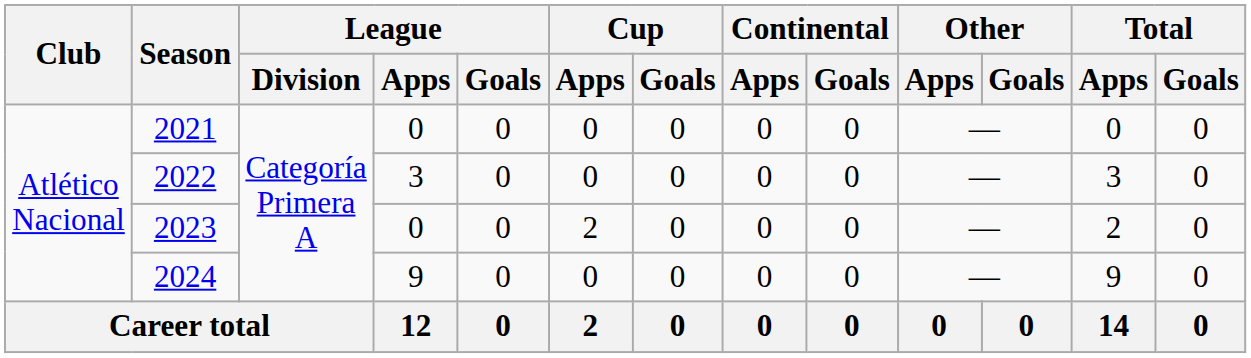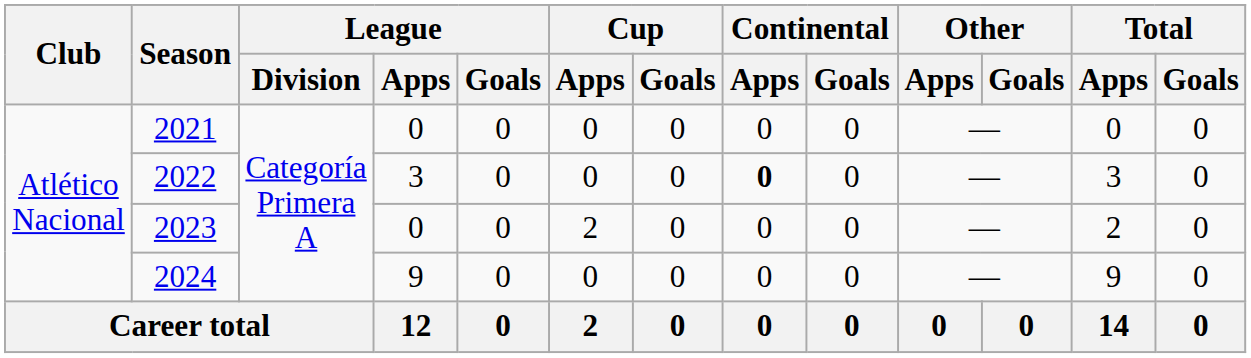 <table class="wikitable" style="text-align: center">
 <tr>
 <th rowspan="2">Club</th>
 <th rowspan="2">Season</th>
 <th colspan="3">League</th>
 <th colspan="2">Cup</th>
 <th colspan="2">Continental</th>
 <th colspan="2">Other</th>
 <th colspan="2">Total</th>
 </tr>
 <tr>
 <th>Division</th>
 <th>Apps</th>
 <th>Goals</th>
 <th>Apps</th>
 <th>Goals</th>
 <th>Apps</th>
 <th>Goals</th>
 <th>Apps</th>
 <th>Goals</th>
 <th>Apps</th>
 <th>Goals</th>
 </tr>
 <tr>
 <td rowspan="4"><a href='#'>Atlético Nacional</a></td>
 <td><a href='#'>2021</a></td>
 <td rowspan="4"><a href='#'>Categoría Primera A</a></td>
 <td>0</td>
 <td>0</td>
 <td>0</td>
 <td>0</td>
 <td>0</td>
 <td>0</td>
 <td colspan="2">—</td>
 <td>0</td>
 <td>0</td>
 </tr>
 <tr>
 <td><a href='#'>2022</a></td>
 <td>3</td>
 <td>0</td>
 <td>0</td>
 <td>0</td>
-<td>0</td>
+<td><strong>0</strong></td>
 <td>0</td>
 <td colspan="2">—</td>
 <td>3</td>
 <td>0</td>
 </tr>
 <tr>
 <td><a href='#'>2023</a></td>
 <td>0</td>
 <td>0</td>
 <td>2</td>
 <td>0</td>
 <td>0</td>
 <td>0</td>
 <td colspan="2">—</td>
 <td>2</td>
 <td>0</td>
 </tr>
 <tr>
 <td><a href='#'>2024</a></td>
 <td>9</td>
 <td>0</td>
 <td>0</td>
 <td>0</td>
 <td>0</td>
 <td>0</td>
 <td colspan="2">—</td>
 <td>9</td>
 <td>0</td>
 </tr>
 <tr>
 <th colspan="3"><strong>Career total</strong></th>
 <th>12</th>
 <th>0</th>
 <th>2</th>
 <th>0</th>
 <th>0</th>
 <th>0</th>
 <th>0</th>
 <th>0</th>
 <th>14</th>
 <th>0</th>
 </tr>
 </table>
